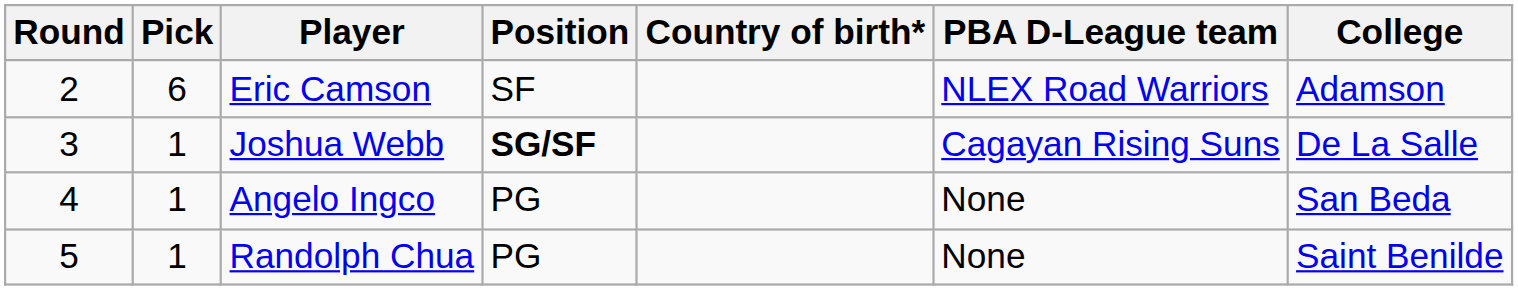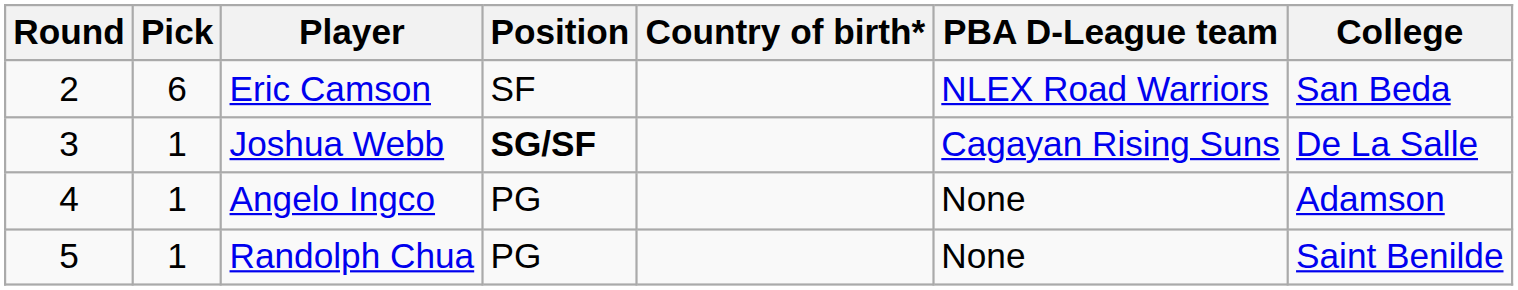 <table class="wikitable sortable sortable">
 <tr>
 <th>Round</th>
 <th>Pick</th>
 <th>Player</th>
 <th>Position</th>
 <th>Country of birth*</th>
 <th>PBA D-League team</th>
 <th>College</th>
 </tr>
 <tr>
 <td align=center>2</td>
 <td align=center>6</td>
 <td><a href='#'>Eric Camson</a></td>
 <td>SF</td>
 <td></td>
 <td><a href='#'>NLEX Road Warriors</a></td>
-<td><a href='#'>Adamson</a></td>
+<td><a href='#'>San Beda</a></td>
 </tr>
 <tr>
 <td align=center>3</td>
 <td align=center>1</td>
 <td><a href='#'>Joshua Webb</a></td>
 <td><strong>SG/SF</strong></td>
 <td></td>
 <td><a href='#'>Cagayan Rising Suns</a></td>
 <td><a href='#'>De La Salle</a></td>
 </tr>
 <tr>
 <td align=center>4</td>
 <td align=center>1</td>
 <td><a href='#'>Angelo Ingco</a></td>
 <td>PG</td>
 <td></td>
 <td>None</td>
-<td><a href='#'>San Beda</a></td>
+<td><a href='#'>Adamson</a></td>
 </tr>
 <tr>
 <td align=center>5</td>
 <td align=center>1</td>
 <td><a href='#'>Randolph Chua</a></td>
 <td>PG</td>
 <td></td>
 <td>None</td>
 <td><a href='#'>Saint Benilde</a></td>
 </tr>
 </table>
